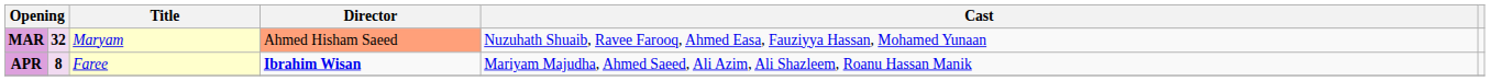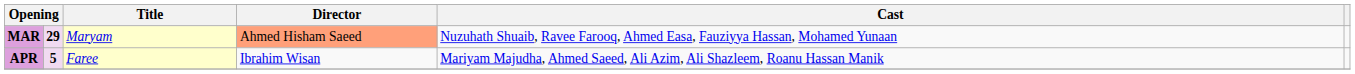 <table class="wikitable plainrowheaders" width="100%">
 <tr>
 <th scope="col" colspan="2" width="4%">Opening</th>
 <th scope="col" width="13%">Title</th>
 <th scope="col" width="15%">Director</th>
 <th scope="col" width="73%">Cast</th>
 <th scope="col" width="2%"></th>
 </tr>
 <tr>
 <td style="text-align:center; background:plum; textcolor:#000;"><strong>MAR</strong></td>
-<td style="text-align:center; background:#f1daf1;"><strong>32</strong></td>
+<td style="text-align:center; background:#f1daf1;"><strong>29</strong></td>
 <td style="background:#ffc;"><em><a href='#'>Maryam</a></em> </td>
 <td style="background: lightsalmon;">Ahmed Hisham Saeed</td>
 <td><a href='#'>Nuzuhath Shuaib</a>, <a href='#'>Ravee Farooq</a>, <a href='#'>Ahmed Easa</a>, <a href='#'>Fauziyya Hassan</a>, <a href='#'>Mohamed Yunaan</a></td>
 <td style="text-align:center;"></td>
 </tr>
 <tr>
 <td style="text-align:center; background:plum; textcolor:#000;"><strong>APR</strong></td>
-<td style="text-align:center; background:#f1daf1;"><strong>8</strong></td>
+<td style="text-align:center; background:#f1daf1;"><strong>5</strong></td>
 <td style="background:#ffc;"><em><a href='#'>Faree</a></em> </td>
-<td><strong><a href='#'>Ibrahim Wisan</a></strong></td>
+<td><a href='#'>Ibrahim Wisan</a></td>
 <td><a href='#'>Mariyam Majudha</a>, <a href='#'>Ahmed Saeed</a>, <a href='#'>Ali Azim</a>, <a href='#'>Ali Shazleem</a>, <a href='#'>Roanu Hassan Manik</a></td>
 <td style="text-align:center;"></td>
 </tr>
 <tr>
 </tr>
 </table>
